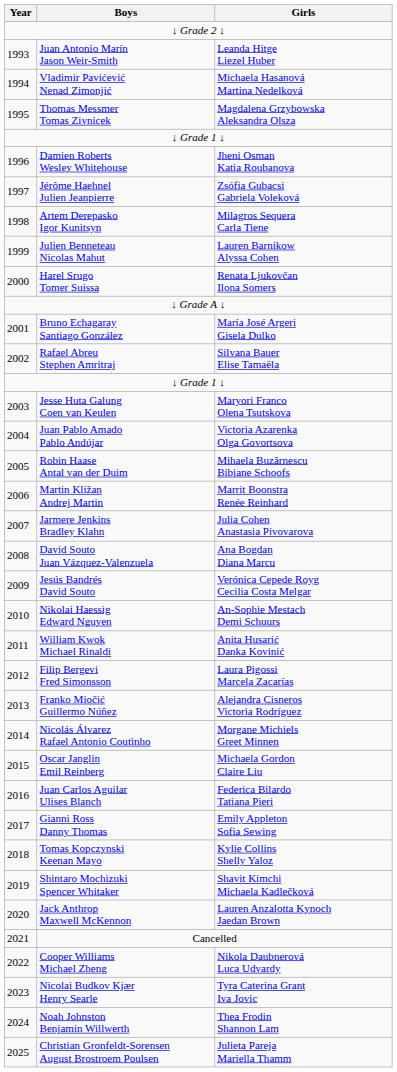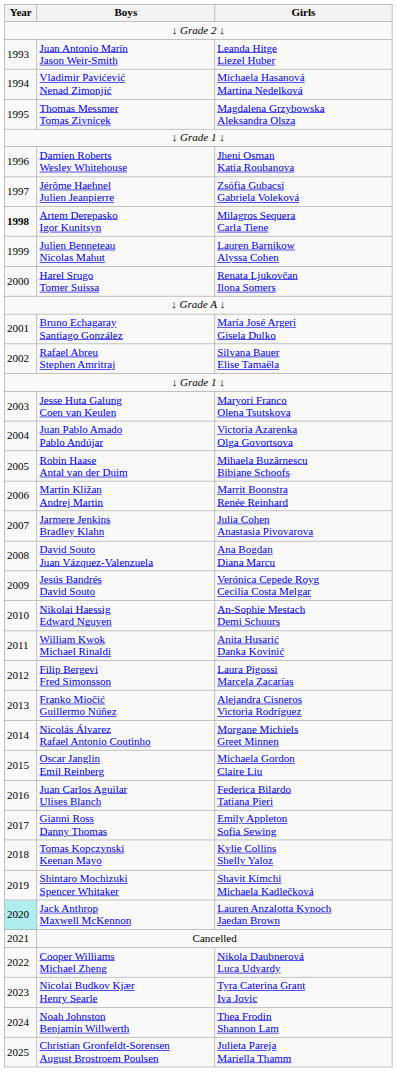 <table class="wikitable">
 <tr>
 <th style="width:40px;">Year</th>
 <th style="width:250px;">Boys</th>
 <th width=250>Girls</th>
 </tr>
 <tr>
 <td colspan=5 align="center">↓ <em>Grade 2</em> ↓</td>
 </tr>
 <tr>
 <td>1993</td>
 <td> <a href='#'>Juan Antonio Marín</a> <br>  <a href='#'>Jason Weir-Smith</a></td>
 <td> <a href='#'>Leanda Hitge</a> <br>  <a href='#'>Liezel Huber</a></td>
 </tr>
 <tr>
 <td>1994</td>
 <td> <a href='#'>Vladimir Pavićević</a> <br>  <a href='#'>Nenad Zimonjić</a></td>
 <td> <a href='#'>Michaela Hasanová</a> <br>  <a href='#'>Martina Nedelková</a></td>
 </tr>
 <tr>
 <td>1995</td>
 <td> <a href='#'>Thomas Messmer</a> <br>  <a href='#'>Tomas Zivnicek</a></td>
 <td> <a href='#'>Magdalena Grzybowska</a> <br>  <a href='#'>Aleksandra Olsza</a></td>
 </tr>
 <tr>
 <td colspan=5 align="center">↓ <em>Grade 1</em> ↓</td>
 </tr>
 <tr>
 <td>1996</td>
 <td> <a href='#'>Damien Roberts</a> <br>  <a href='#'>Wesley Whitehouse</a></td>
 <td> <a href='#'>Jheni Osman</a> <br>  <a href='#'>Katia Roubanova</a></td>
 </tr>
 <tr>
 <td>1997</td>
 <td> <a href='#'>Jérôme Haehnel</a> <br>  <a href='#'>Julien Jeanpierre</a></td>
 <td> <a href='#'>Zsófia Gubacsi</a> <br>  <a href='#'>Gabriela Voleková</a></td>
 </tr>
 <tr>
-<td>1998</td>
+<td><strong>1998</strong></td>
 <td> <a href='#'>Artem Derepasko</a> <br>  <a href='#'>Igor Kunitsyn</a></td>
 <td> <a href='#'>Milagros Sequera</a> <br>  <a href='#'>Carla Tiene</a></td>
 </tr>
 <tr>
 <td>1999</td>
 <td> <a href='#'>Julien Benneteau</a> <br>  <a href='#'>Nicolas Mahut</a></td>
 <td> <a href='#'>Lauren Barnikow</a> <br>  <a href='#'>Alyssa Cohen</a></td>
 </tr>
 <tr>
 <td>2000</td>
 <td> <a href='#'>Harel Srugo</a> <br>  <a href='#'>Tomer Suissa</a></td>
 <td> <a href='#'>Renata Ljukovčan</a> <br>  <a href='#'>Ilona Somers</a></td>
 </tr>
 <tr>
 <td colspan=5 align="center">↓ <em>Grade A</em> ↓</td>
 </tr>
 <tr>
 <td>2001</td>
 <td> <a href='#'>Bruno Echagaray</a> <br>  <a href='#'>Santiago González</a></td>
 <td> <a href='#'>María José Argeri</a> <br>  <a href='#'>Gisela Dulko</a></td>
 </tr>
 <tr>
 <td>2002</td>
 <td> <a href='#'>Rafael Abreu</a> <br>  <a href='#'>Stephen Amritraj</a></td>
 <td> <a href='#'>Silvana Bauer</a> <br>  <a href='#'>Elise Tamaëla</a></td>
 </tr>
 <tr>
 <td colspan=5 align="center">↓ <em>Grade 1</em> ↓</td>
 </tr>
 <tr>
 <td>2003</td>
 <td> <a href='#'>Jesse Huta Galung</a> <br>  <a href='#'>Coen van Keulen</a></td>
 <td> <a href='#'>Maryori Franco</a> <br>  <a href='#'>Olena Tsutskova</a></td>
 </tr>
 <tr>
 <td>2004</td>
 <td> <a href='#'>Juan Pablo Amado</a> <br>  <a href='#'>Pablo Andújar</a></td>
 <td> <a href='#'>Victoria Azarenka</a> <br>  <a href='#'>Olga Govortsova</a></td>
 </tr>
 <tr>
 <td>2005</td>
 <td> <a href='#'>Robin Haase</a> <br>  <a href='#'>Antal van der Duim</a></td>
 <td> <a href='#'>Mihaela Buzărnescu</a> <br>  <a href='#'>Bibiane Schoofs</a></td>
 </tr>
 <tr>
 <td>2006</td>
 <td> <a href='#'>Martin Kližan</a> <br>  <a href='#'>Andrej Martin</a></td>
 <td> <a href='#'>Marrit Boonstra</a> <br>  <a href='#'>Renée Reinhard</a></td>
 </tr>
 <tr>
 <td>2007</td>
 <td> <a href='#'>Jarmere Jenkins</a> <br>  <a href='#'>Bradley Klahn</a></td>
 <td> <a href='#'>Julia Cohen</a> <br>  <a href='#'>Anastasia Pivovarova</a></td>
 </tr>
 <tr>
 <td>2008</td>
 <td> <a href='#'>David Souto</a> <br>  <a href='#'>Juan Vázquez-Valenzuela</a></td>
 <td> <a href='#'>Ana Bogdan</a> <br>  <a href='#'>Diana Marcu</a></td>
 </tr>
 <tr>
 <td>2009</td>
 <td> <a href='#'>Jesús Bandrés</a> <br>  <a href='#'>David Souto</a></td>
 <td> <a href='#'>Verónica Cepede Royg</a> <br>  <a href='#'>Cecilia Costa Melgar</a></td>
 </tr>
 <tr>
 <td>2010</td>
 <td> <a href='#'>Nikolai Haessig</a> <br>  <a href='#'>Edward Nguyen</a></td>
 <td> <a href='#'>An-Sophie Mestach</a> <br>  <a href='#'>Demi Schuurs</a></td>
 </tr>
 <tr>
 <td>2011</td>
 <td> <a href='#'>William Kwok</a> <br>  <a href='#'>Michael Rinaldi</a></td>
 <td> <a href='#'>Anita Husarić</a> <br>  <a href='#'>Danka Kovinić</a></td>
 </tr>
 <tr>
 <td>2012</td>
 <td> <a href='#'>Filip Bergevi</a> <br>  <a href='#'>Fred Simonsson</a></td>
 <td> <a href='#'>Laura Pigossi</a> <br>  <a href='#'>Marcela Zacarías</a></td>
 </tr>
 <tr>
 <td>2013</td>
 <td> <a href='#'>Franko Miočić</a> <br>  <a href='#'>Guillermo Núñez</a></td>
 <td> <a href='#'>Alejandra Cisneros</a> <br>  <a href='#'>Victoria Rodríguez</a></td>
 </tr>
 <tr>
 <td>2014</td>
 <td> <a href='#'>Nicolás Álvarez</a> <br>  <a href='#'>Rafael Antonio Coutinho</a></td>
 <td> <a href='#'>Morgane Michiels</a> <br>  <a href='#'>Greet Minnen</a></td>
 </tr>
 <tr>
 <td>2015</td>
 <td> <a href='#'>Oscar Janglin</a> <br>  <a href='#'>Emil Reinberg</a></td>
 <td> <a href='#'>Michaela Gordon</a> <br>  <a href='#'>Claire Liu</a></td>
 </tr>
 <tr>
 <td>2016</td>
 <td> <a href='#'>Juan Carlos Aguilar</a> <br>  <a href='#'>Ulises Blanch</a></td>
 <td> <a href='#'>Federica Bilardo</a> <br>  <a href='#'>Tatiana Pieri</a></td>
 </tr>
 <tr>
 <td>2017</td>
 <td> <a href='#'>Gianni Ross</a> <br>  <a href='#'>Danny Thomas</a></td>
 <td> <a href='#'>Emily Appleton</a> <br>  <a href='#'>Sofia Sewing</a></td>
 </tr>
 <tr>
 <td>2018</td>
 <td> <a href='#'>Tomas Kopczynski</a> <br>  <a href='#'>Keenan Mayo</a></td>
 <td> <a href='#'>Kylie Collins</a> <br>  <a href='#'>Shelly Yaloz</a></td>
 </tr>
 <tr>
 <td>2019</td>
 <td> <a href='#'>Shintaro Mochizuki</a> <br>  <a href='#'>Spencer Whitaker</a></td>
 <td> <a href='#'>Shavit Kimchi</a> <br>  <a href='#'>Michaela Kadlečková</a></td>
 </tr>
 <tr>
-<td>2020</td>
+<td style="background: paleturquoise;">2020</td>
 <td> <a href='#'>Jack Anthrop</a> <br>  <a href='#'>Maxwell McKennon</a></td>
 <td> <a href='#'>Lauren Anzalotta Kynoch</a> <br>  <a href='#'>Jaedan Brown</a></td>
 </tr>
 <tr>
 <td>2021</td>
 <td colspan=5 align="center">Cancelled</td>
 </tr>
 <tr>
 <td>2022</td>
 <td> <a href='#'>Cooper Williams</a> <br>  <a href='#'>Michael Zheng</a></td>
 <td> <a href='#'>Nikola Daubnerová</a> <br>  <a href='#'>Luca Udvardy</a></td>
 </tr>
 <tr>
 <td>2023</td>
 <td> <a href='#'>Nicolai Budkov Kjær</a> <br>  <a href='#'>Henry Searle</a></td>
 <td> <a href='#'>Tyra Caterina Grant</a> <br>  <a href='#'>Iva Jovic</a></td>
 </tr>
 <tr>
 <td>2024</td>
 <td> <a href='#'>Noah Johnston</a> <br>  <a href='#'>Benjamin Willwerth</a></td>
 <td> <a href='#'>Thea Frodin</a> <br>  <a href='#'>Shannon Lam</a></td>
 </tr>
 <tr>
 <td>2025</td>
 <td> <a href='#'>Christian Gronfeldt-Sorensen</a> <br>  <a href='#'>August Brostroem Poulsen</a></td>
 <td> <a href='#'>Julieta Pareja</a> <br>  <a href='#'>Mariella Thamm</a></td>
 </tr>
 </table>
